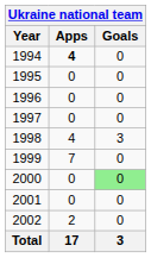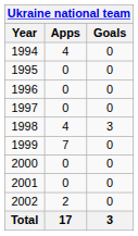 <table class="wikitable" style="text-align:center">
 <tr>
 <th colspan=3><a href='#'>Ukraine national team</a></th>
 </tr>
 <tr>
 <th>Year</th>
 <th>Apps</th>
 <th>Goals</th>
 </tr>
 <tr>
 <td>1994</td>
-<td><strong>4</strong></td>
+<td>4</td>
 <td>0</td>
 </tr>
 <tr>
 <td>1995</td>
 <td>0</td>
 <td>0</td>
 </tr>
 <tr>
 <td>1996</td>
 <td>0</td>
 <td>0</td>
 </tr>
 <tr>
 <td>1997</td>
 <td>0</td>
 <td>0</td>
 </tr>
 <tr>
 <td>1998</td>
 <td>4</td>
 <td>3</td>
 </tr>
 <tr>
 <td>1999</td>
 <td>7</td>
 <td>0</td>
 </tr>
 <tr>
 <td>2000</td>
 <td>0</td>
-<td style="background: lightgreen;">0</td>
+<td>0</td>
 </tr>
 <tr>
 <td>2001</td>
 <td>0</td>
 <td>0</td>
 </tr>
 <tr>
 <td>2002</td>
 <td>2</td>
 <td>0</td>
 </tr>
 <tr>
 <th>Total</th>
 <th>17</th>
 <th>3</th>
 </tr>
 </table>
